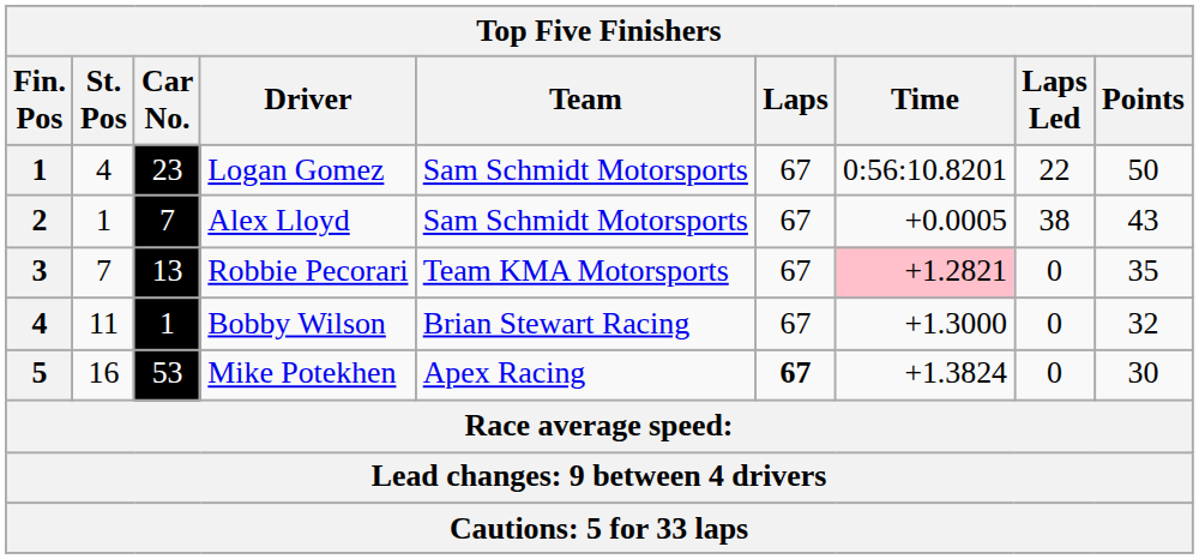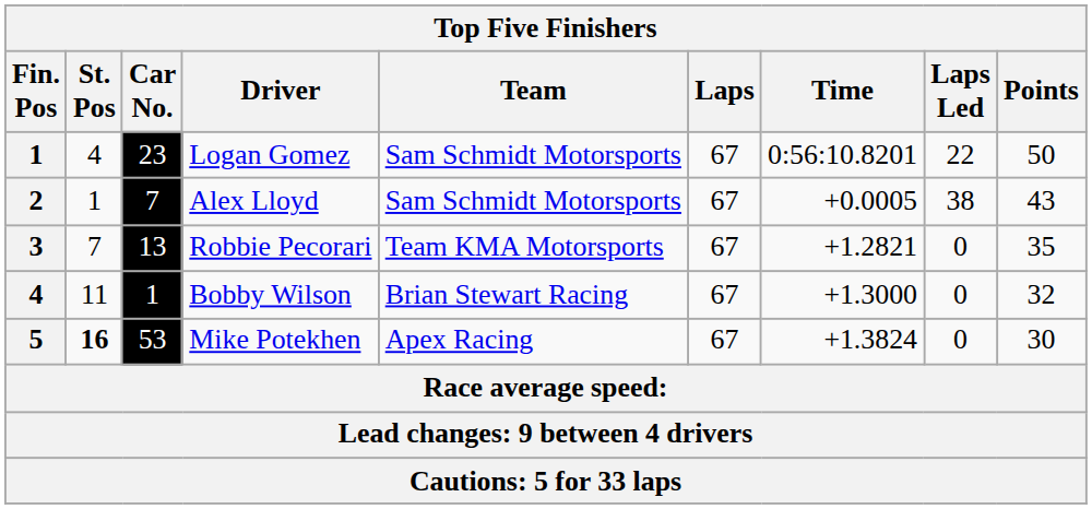 <table class="wikitable" style="font-size:85%;">
 <tr>
 <th colspan=9>Top Five Finishers</th>
 </tr>
 <tr>
 <th>Fin.<br>Pos</th>
 <th>St.<br>Pos</th>
 <th>Car<br>No.</th>
 <th>Driver</th>
 <th>Team</th>
 <th>Laps</th>
 <th>Time</th>
 <th>Laps<br>Led</th>
 <th>Points</th>
 </tr>
 <tr>
 <th>1</th>
 <td align=center>4</td>
 <td style="background:#000000; color:white;" align=center>23</td>
 <td> <a href='#'>Logan Gomez</a></td>
 <td><a href='#'>Sam Schmidt Motorsports</a></td>
 <td align=center>67</td>
 <td align=right>0:56:10.8201</td>
 <td align=center>22</td>
 <td align=center>50</td>
 </tr>
 <tr>
 <th>2</th>
 <td align=center>1</td>
 <td style="background:#000000; color:white;" align=center>7</td>
 <td> <a href='#'>Alex Lloyd</a></td>
 <td><a href='#'>Sam Schmidt Motorsports</a></td>
 <td align=center>67</td>
 <td align=right>+0.0005</td>
 <td align=center>38</td>
 <td align=center>43</td>
 </tr>
 <tr>
 <th>3</th>
 <td align=center>7</td>
 <td style="background:#000000; color:white;" align=center>13</td>
 <td> <a href='#'>Robbie Pecorari</a></td>
 <td><a href='#'>Team KMA Motorsports</a></td>
 <td align=center>67</td>
-<td align=right style="background: pink;">+1.2821</td>
+<td align=right>+1.2821</td>
 <td align=center>0</td>
 <td align=center>35</td>
 </tr>
 <tr>
 <th>4</th>
 <td align=center>11</td>
 <td style="background:#000000; color:white;" align=center>1</td>
 <td> <a href='#'>Bobby Wilson</a></td>
 <td><a href='#'>Brian Stewart Racing</a></td>
 <td align=center>67</td>
 <td align=right>+1.3000</td>
 <td align=center>0</td>
 <td align=center>32</td>
 </tr>
 <tr>
 <th>5</th>
-<td align=center>16</td>
+<td align=center><strong>16</strong></td>
 <td style="background:#000000; color:white;" align=center>53</td>
 <td> <a href='#'>Mike Potekhen</a></td>
 <td><a href='#'>Apex Racing</a></td>
-<td align=center><strong>67</strong></td>
+<td align=center>67</td>
 <td align=right>+1.3824</td>
 <td align=center>0</td>
 <td align=center>30</td>
 </tr>
 <tr>
 <th colspan=9>Race average speed: </th>
 </tr>
 <tr>
 <th colspan=9>Lead changes: 9 between 4 drivers</th>
 </tr>
 <tr>
 <th colspan=9>Cautions: 5 for 33 laps</th>
 </tr>
 </table>
